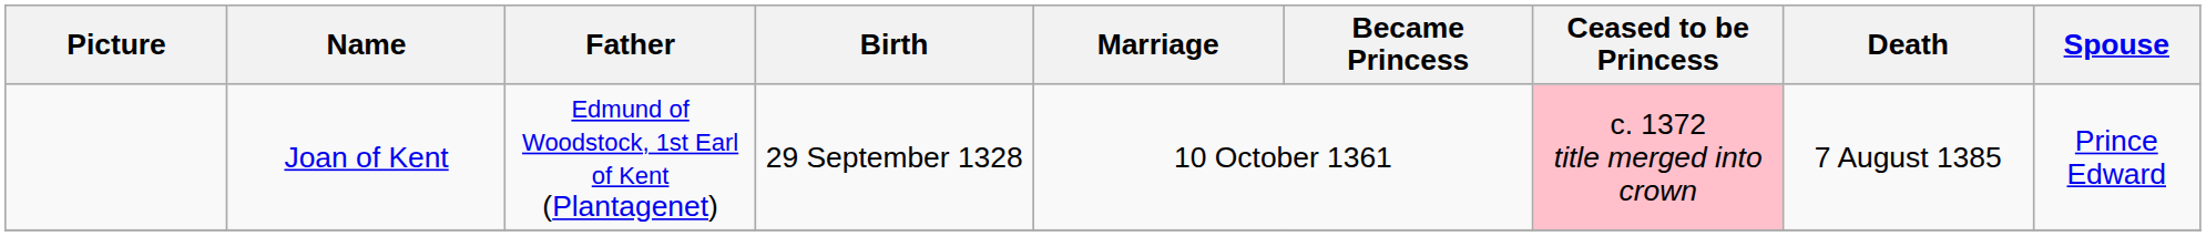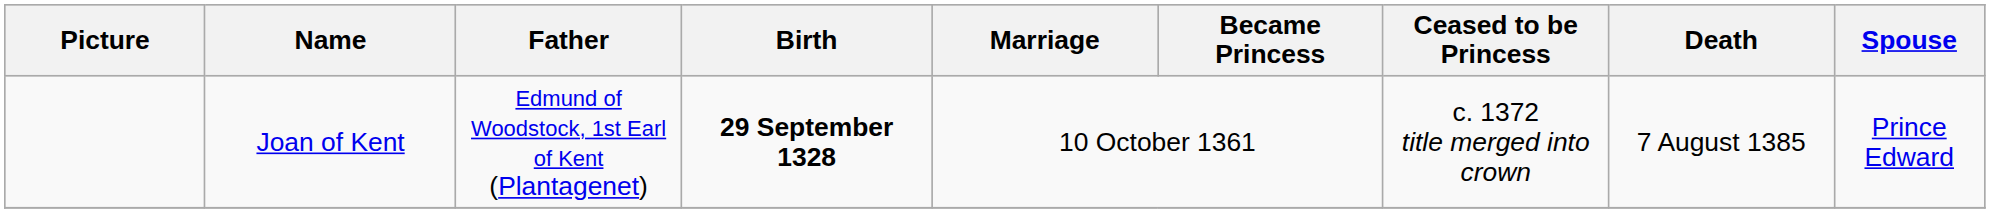 <table width=95% class="wikitable">
 <tr>
 <th width = "8%">Picture</th>
 <th width = "10%">Name</th>
 <th width = "9%">Father</th>
 <th width = "10%">Birth</th>
 <th width = "9%">Marriage</th>
 <th width = "9%">Became Princess</th>
 <th width = "9%">Ceased to be Princess</th>
 <th width = "9%">Death</th>
 <th width = "6%"><a href='#'>Spouse</a></th>
 </tr>
 <tr>
 <td align="center"></td>
 <td align="center"><a href='#'>Joan of Kent</a></td>
 <td align=center><small><a href='#'>Edmund of Woodstock, 1st Earl of Kent</a></small><br> (<a href='#'>Plantagenet</a>)</td>
-<td align="center">29 September 1328</td>
+<td align="center"><strong>29 September 1328</strong></td>
 <td align="center" colspan="2">10 October 1361</td>
-<td align="center" style="background: pink;">c. 1372<br><em>title merged into crown</em></td>
+<td align="center">c. 1372<br><em>title merged into crown</em></td>
 <td align="center">7 August 1385</td>
 <td align="center"><a href='#'>Prince Edward</a></td>
 </tr>
 <tr>
 </tr>
 </table>
